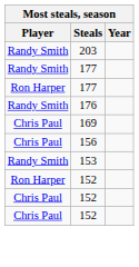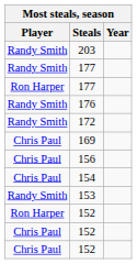 <table class="wikitable sortable" style="text-align:center">
 <tr>
 <th colspan="3">Most steals, season</th>
 </tr>
 <tr>
 <th>Player</th>
 <th>Steals</th>
 <th>Year</th>
 </tr>
 <tr>
 <td><a href='#'>Randy Smith</a></td>
 <td>203</td>
 <td></td>
 </tr>
 <tr>
 <td><a href='#'>Randy Smith</a></td>
 <td>177</td>
 <td></td>
 </tr>
 <tr>
 <td><a href='#'>Ron Harper</a></td>
 <td>177</td>
 <td></td>
 </tr>
 <tr>
 <td><a href='#'>Randy Smith</a></td>
 <td>176</td>
 <td></td>
 </tr>
 <tr>
+<td><a href='#'>Randy Smith</a></td>
+<td>172</td>
+<td></td>
+</tr>
+<tr>
 <td><a href='#'>Chris Paul</a></td>
 <td>169</td>
 <td></td>
 </tr>
 <tr>
 <td><a href='#'>Chris Paul</a></td>
 <td>156</td>
+<td></td>
+</tr>
+<tr>
+<td><a href='#'>Chris Paul</a></td>
+<td>154</td>
 <td></td>
 </tr>
 <tr>
 <td><a href='#'>Randy Smith</a></td>
 <td>153</td>
 <td></td>
 </tr>
 <tr>
 <td><a href='#'>Ron Harper</a></td>
 <td>152</td>
 <td></td>
 </tr>
 <tr>
 <td><a href='#'>Chris Paul</a></td>
 <td>152</td>
 <td></td>
 </tr>
 <tr>
 <td><a href='#'>Chris Paul</a></td>
 <td>152</td>
 <td></td>
 </tr>
 </table>
